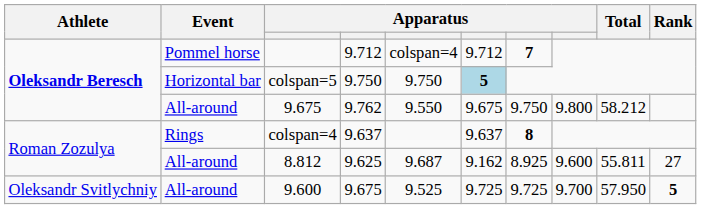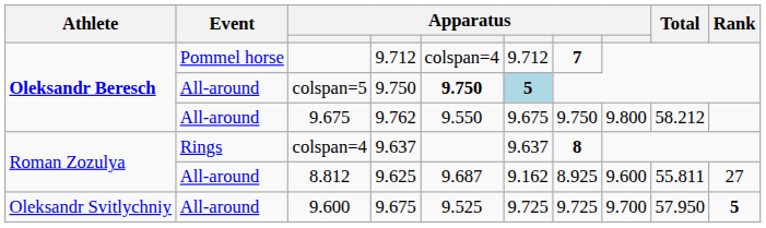 <table class="wikitable" style="font-size:90%">
 <tr>
 <th rowspan=2>Athlete</th>
 <th rowspan=2>Event</th>
 <th colspan =6>Apparatus</th>
 <th rowspan=2>Total</th>
 <th rowspan=2>Rank</th>
 </tr>
 <tr style="font-size:95%">
 <th></th>
 <th></th>
 <th></th>
 <th></th>
 <th></th>
 <th></th>
 </tr>
 <tr align=center>
 <td align=left rowspan=3><strong><a href='#'>Oleksandr Beresch</a></strong></td>
 <td align=left><a href='#'>Pommel horse</a></td>
 <td></td>
 <td>9.712</td>
 <td>colspan=4 </td>
 <td>9.712</td>
 <td><strong>7</strong></td>
 </tr>
 <tr align=center>
-<td align=left><a href='#'>Horizontal bar</a></td>
+<td align=left><a href='#'>All-around</a></td>
 <td>colspan=5 </td>
 <td>9.750</td>
-<td>9.750</td>
+<td><strong>9.750</strong></td>
 <td style="background: lightblue;"><strong>5</strong></td>
 </tr>
 <tr align=center>
 <td align=left><a href='#'>All-around</a></td>
 <td>9.675</td>
 <td>9.762</td>
 <td>9.550</td>
 <td>9.675</td>
 <td>9.750</td>
 <td>9.800</td>
 <td>58.212</td>
 <td></td>
 </tr>
 <tr align=center>
 <td align=left rowspan=2><a href='#'>Roman Zozulya</a></td>
 <td align=left><a href='#'>Rings</a></td>
 <td>colspan=4 </td>
 <td>9.637</td>
 <td></td>
 <td>9.637</td>
 <td><strong>8</strong></td>
 </tr>
 <tr align=center>
 <td align=left><a href='#'>All-around</a></td>
 <td>8.812</td>
 <td>9.625</td>
 <td>9.687</td>
 <td>9.162</td>
 <td>8.925</td>
 <td>9.600</td>
 <td>55.811</td>
 <td>27</td>
 </tr>
 <tr align=center>
 <td align=left><a href='#'>Oleksandr Svitlychniy</a></td>
 <td align=left><a href='#'>All-around</a></td>
 <td>9.600</td>
 <td>9.675</td>
 <td>9.525</td>
 <td>9.725</td>
 <td>9.725</td>
 <td>9.700</td>
 <td>57.950</td>
 <td><strong>5</strong></td>
 </tr>
 </table>
